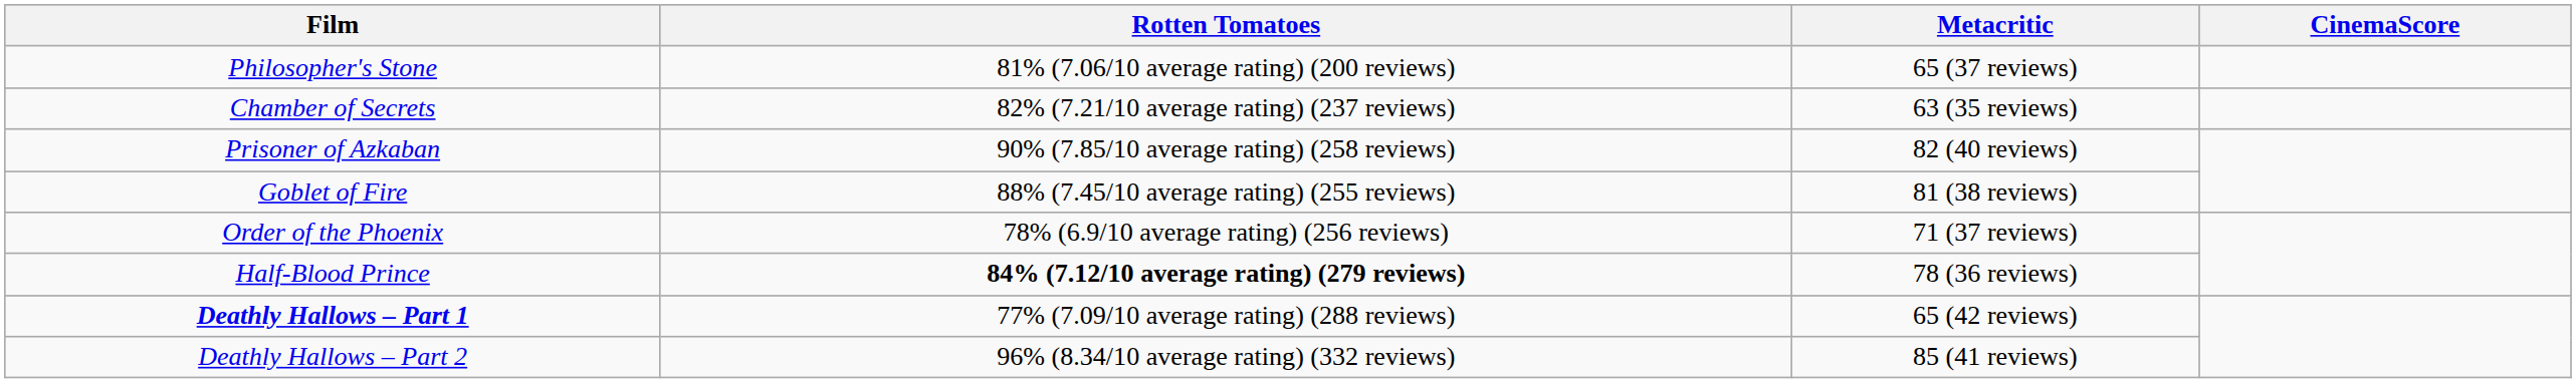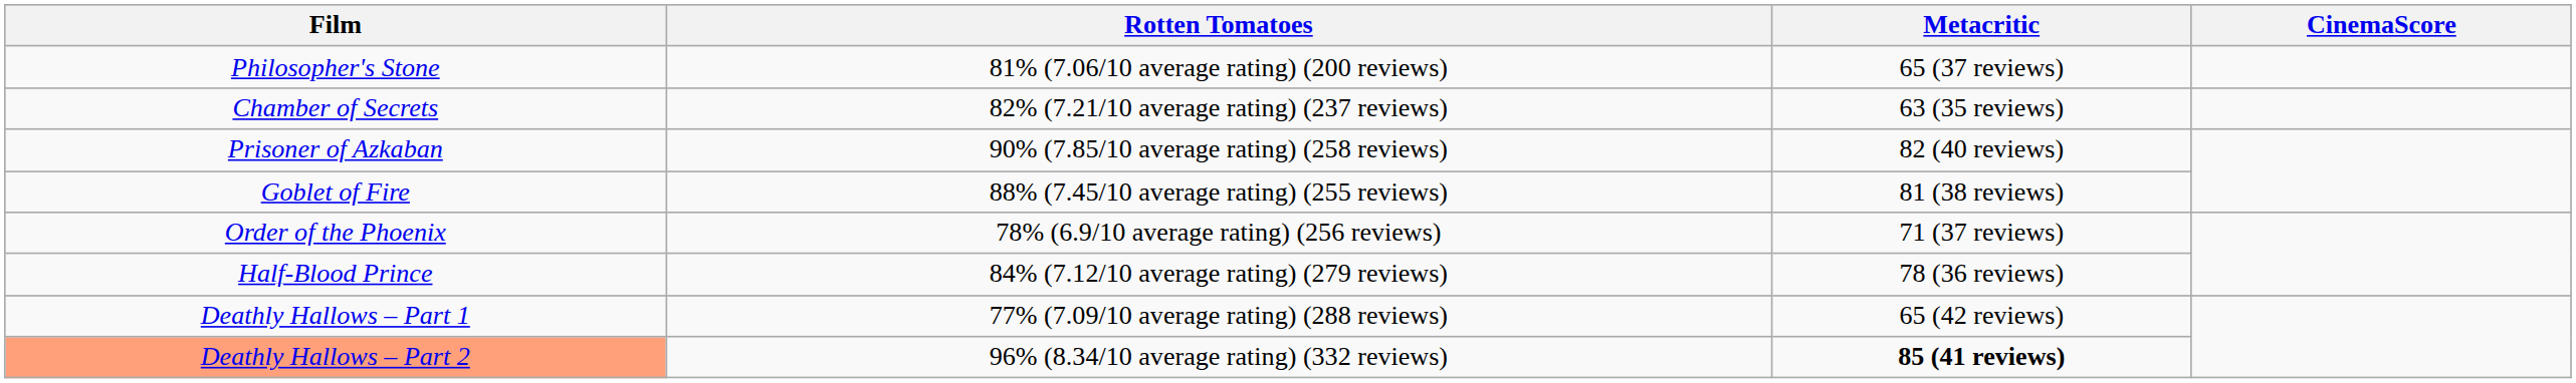 <table class="wikitable sortable"  style="width:99%; text-align:center;">
 <tr>
 <th rowspan="1">Film</th>
 <th colspan="1"><a href='#'>Rotten Tomatoes</a></th>
 <th rowspan="1"><a href='#'>Metacritic</a></th>
 <th rowspan="1"><a href='#'>CinemaScore</a></th>
 </tr>
 <tr>
 <td><em><a href='#'>Philosopher's Stone</a></em></td>
 <td>81% (7.06/10 average rating) (200 reviews)</td>
 <td>65 (37 reviews)</td>
 <td></td>
 </tr>
 <tr>
 <td><em><a href='#'>Chamber of Secrets</a></em></td>
 <td>82% (7.21/10 average rating) (237 reviews)</td>
 <td>63 (35 reviews)</td>
 <td></td>
 </tr>
 <tr>
 <td><em><a href='#'>Prisoner of Azkaban</a></em></td>
 <td>90% (7.85/10 average rating) (258 reviews)</td>
 <td>82 (40 reviews)</td>
 <td rowspan="2"></td>
 </tr>
 <tr>
 <td><em><a href='#'>Goblet of Fire</a></em></td>
 <td>88% (7.45/10 average rating) (255 reviews)</td>
 <td>81 (38 reviews)</td>
 </tr>
 <tr>
 <td><em><a href='#'>Order of the Phoenix</a></em></td>
 <td>78% (6.9/10 average rating) (256 reviews)</td>
 <td>71 (37 reviews)</td>
 <td rowspan="2"></td>
 </tr>
 <tr>
 <td><em><a href='#'>Half-Blood Prince</a></em></td>
-<td><strong>84% (7.12/10 average rating) (279 reviews)</strong></td>
+<td>84% (7.12/10 average rating) (279 reviews)</td>
 <td>78 (36 reviews)</td>
 </tr>
 <tr>
-<td><strong><em><a href='#'>Deathly Hallows – Part 1</a></em></strong></td>
+<td><em><a href='#'>Deathly Hallows – Part 1</a></em></td>
 <td>77% (7.09/10 average rating) (288 reviews)</td>
 <td>65 (42 reviews)</td>
 <td rowspan="2"></td>
 </tr>
 <tr>
-<td><em><a href='#'>Deathly Hallows – Part 2</a></em></td>
+<td style="background: lightsalmon;"><em><a href='#'>Deathly Hallows – Part 2</a></em></td>
 <td>96% (8.34/10 average rating) (332 reviews)</td>
-<td>85 (41 reviews)</td>
+<td><strong>85 (41 reviews)</strong></td>
 </tr>
 </table>
